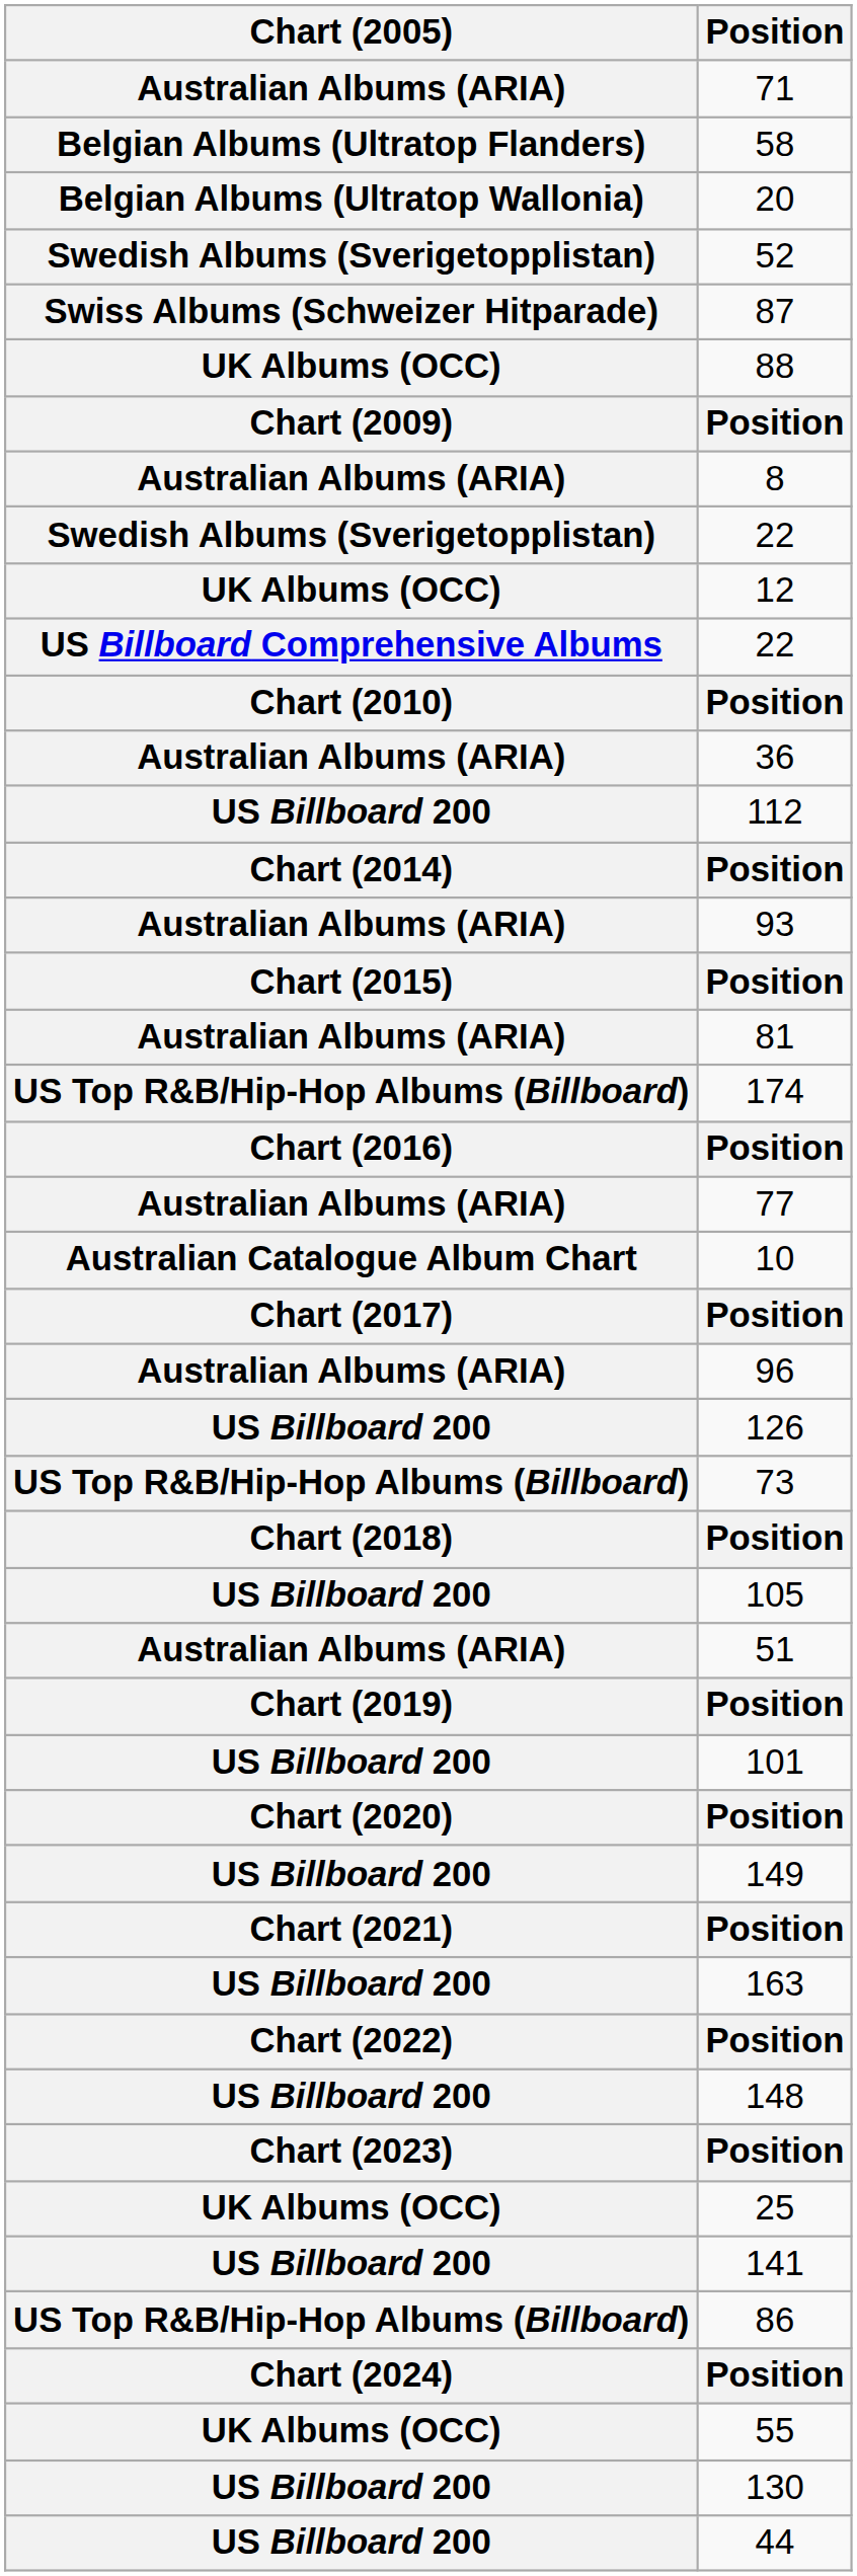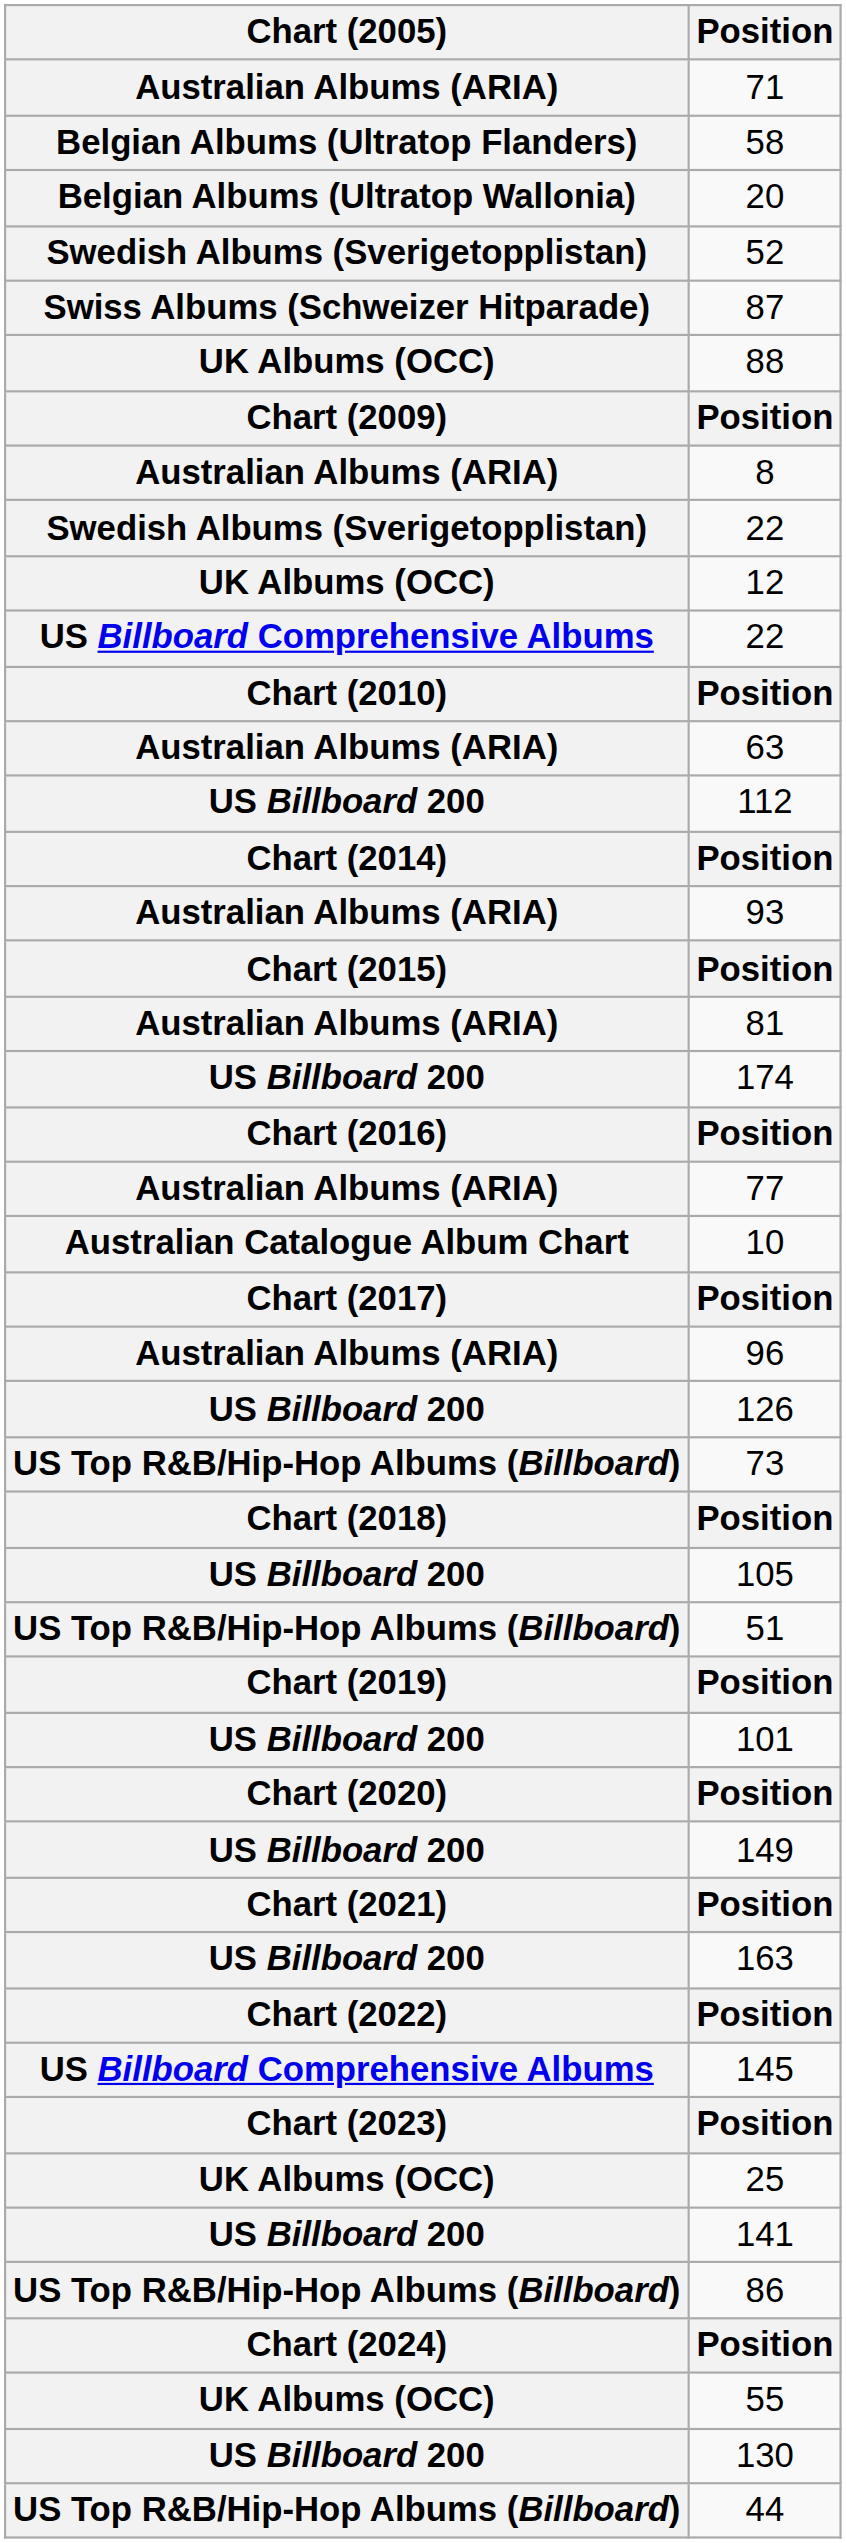 <table class="wikitable plainrowheaders" style="text-align:center">
 <tr>
 <th>Chart (2005)</th>
 <th>Position</th>
 </tr>
 <tr>
 <th scope="row">Australian Albums (ARIA)</th>
 <td>71</td>
 </tr>
 <tr>
 <th scope="row">Belgian Albums (Ultratop Flanders)</th>
 <td>58</td>
 </tr>
 <tr>
 <th scope="row">Belgian Albums (Ultratop Wallonia)</th>
 <td>20</td>
 </tr>
 <tr>
 <th scope="row">Swedish Albums (Sverigetopplistan)</th>
 <td style="text-align:center;">52</td>
 </tr>
 <tr>
 <th scope="row">Swiss Albums (Schweizer Hitparade)</th>
 <td>87</td>
 </tr>
 <tr>
 <th scope="row">UK Albums (OCC)</th>
 <td>88</td>
 </tr>
 <tr>
 <th>Chart (2009)</th>
 <th>Position</th>
 </tr>
 <tr>
 <th scope="row">Australian Albums (ARIA)</th>
 <td>8</td>
 </tr>
 <tr>
 <th scope="row">Swedish Albums (Sverigetopplistan)</th>
 <td>22</td>
 </tr>
 <tr>
 <th scope="row">UK Albums (OCC)</th>
 <td>12</td>
 </tr>
 <tr>
 <th scope="row">US <a href='#'><em>Billboard</em> Comprehensive Albums</a></th>
 <td>22</td>
 </tr>
 <tr>
 <th>Chart (2010)</th>
 <th>Position</th>
 </tr>
 <tr>
 <th scope="row">Australian Albums (ARIA)</th>
-<td>36</td>
+<td>63</td>
 </tr>
 <tr>
 <th scope="row">US <em>Billboard</em> 200</th>
 <td>112</td>
 </tr>
 <tr>
 <th>Chart (2014)</th>
 <th>Position</th>
 </tr>
 <tr>
 <th scope="row">Australian Albums (ARIA)</th>
 <td>93</td>
 </tr>
 <tr>
 <th>Chart (2015)</th>
 <th>Position</th>
 </tr>
 <tr>
 <th scope="row">Australian Albums (ARIA)</th>
 <td>81</td>
 </tr>
 <tr>
-<th scope="row">US Top R&B/Hip-Hop Albums (<em>Billboard</em>)</th>
+<th scope="row">US <em>Billboard</em> 200</th>
 <td>174</td>
 </tr>
 <tr>
 <th>Chart (2016)</th>
 <th>Position</th>
 </tr>
 <tr>
 <th scope="row">Australian Albums (ARIA)</th>
 <td>77</td>
 </tr>
 <tr>
 <th scope="row">Australian Catalogue Album Chart</th>
 <td>10</td>
 </tr>
 <tr>
 <th>Chart (2017)</th>
 <th>Position</th>
 </tr>
 <tr>
 <th scope="row">Australian Albums (ARIA)</th>
 <td>96</td>
 </tr>
 <tr>
 <th scope="row">US <em>Billboard</em> 200</th>
 <td>126</td>
 </tr>
 <tr>
 <th scope="row">US Top R&B/Hip-Hop Albums (<em>Billboard</em>)</th>
 <td>73</td>
 </tr>
 <tr>
 <th>Chart (2018)</th>
 <th>Position</th>
 </tr>
 <tr>
 <th scope="row">US <em>Billboard</em> 200</th>
 <td>105</td>
 </tr>
 <tr>
-<th scope="row">Australian Albums (ARIA)</th>
+<th scope="row">US Top R&B/Hip-Hop Albums (<em>Billboard</em>)</th>
 <td>51</td>
 </tr>
 <tr>
 <th>Chart (2019)</th>
 <th>Position</th>
 </tr>
 <tr>
 <th scope="row">US <em>Billboard</em> 200</th>
 <td style="text-align:center;">101</td>
 </tr>
 <tr>
 <th>Chart (2020)</th>
 <th>Position</th>
 </tr>
 <tr>
 <th scope="row">US <em>Billboard</em> 200</th>
 <td>149</td>
 </tr>
 <tr>
 <th>Chart (2021)</th>
 <th>Position</th>
 </tr>
 <tr>
 <th scope="row">US <em>Billboard</em> 200</th>
 <td>163</td>
 </tr>
 <tr>
 <th>Chart (2022)</th>
 <th>Position</th>
 </tr>
 <tr>
-<th scope="row">US <em>Billboard</em> 200</th>
-<td>148</td>
+<th scope="row">US <a href='#'><em>Billboard</em> Comprehensive Albums</a></th>
+<td>145</td>
 </tr>
 <tr>
 <th>Chart (2023)</th>
 <th>Position</th>
 </tr>
 <tr>
 <th scope="row">UK Albums (OCC)</th>
 <td>25</td>
 </tr>
 <tr>
 <th scope="row">US <em>Billboard</em> 200</th>
 <td>141</td>
 </tr>
 <tr>
 <th scope="row">US Top R&B/Hip-Hop Albums (<em>Billboard</em>)</th>
 <td>86</td>
 </tr>
 <tr>
 <th>Chart (2024)</th>
 <th>Position</th>
 </tr>
 <tr>
 <th scope="row">UK Albums (OCC)</th>
 <td>55</td>
 </tr>
 <tr>
 <th scope="row">US <em>Billboard</em> 200</th>
 <td>130</td>
 </tr>
 <tr>
-<th scope="row">US <em>Billboard</em> 200</th>
+<th scope="row">US Top R&B/Hip-Hop Albums (<em>Billboard</em>)</th>
 <td>44</td>
 </tr>
 </table>
